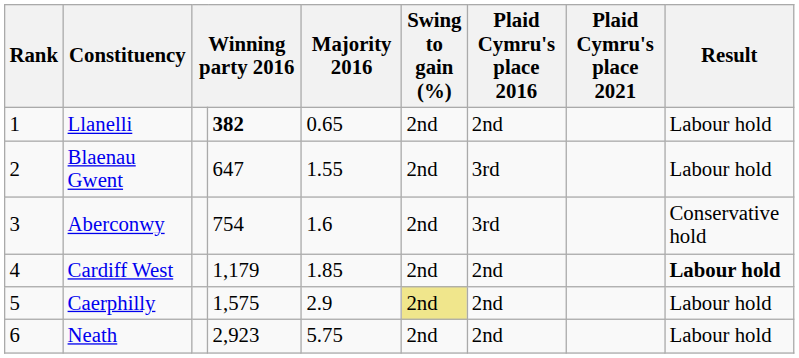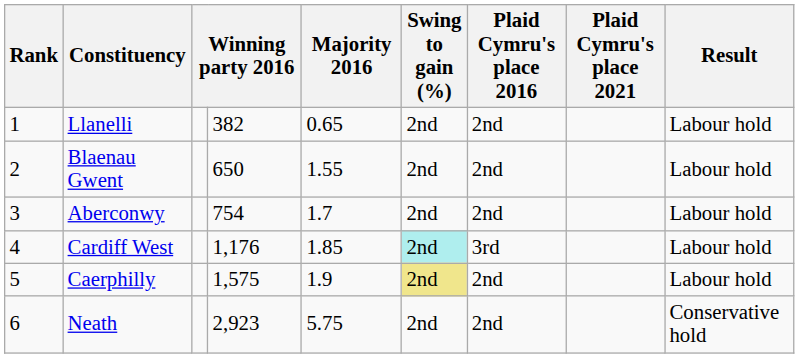 <table class="wikitable">
 <tr>
 <th>Rank</th>
 <th>Constituency</th>
 <th colspan=2>Winning party 2016</th>
 <th>Majority 2016</th>
 <th>Swing<br>to gain<br>(%)</th>
 <th>Plaid Cymru's<br>place<br>2016</th>
 <th>Plaid Cymru's<br>place<br>2021</th>
 <th colspan=2>Result</th>
 </tr>
 <tr>
 <td>1</td>
 <td><a href='#'>Llanelli</a></td>
 <td></td>
-<td><strong>382</strong></td>
+<td>382</td>
 <td>0.65</td>
 <td>2nd</td>
 <td>2nd</td>
 <td style="background-color: "></td>
 <td>Labour hold</td>
 </tr>
 <tr>
 <td>2</td>
 <td><a href='#'>Blaenau Gwent</a></td>
 <td></td>
-<td>647</td>
+<td>650</td>
 <td>1.55</td>
 <td>2nd</td>
-<td>3rd</td>
+<td>2nd</td>
 <td style="background-color: "></td>
 <td>Labour hold</td>
 </tr>
 <tr>
 <td>3</td>
 <td><a href='#'>Aberconwy</a></td>
 <td></td>
 <td>754</td>
-<td>1.6</td>
+<td>1.7</td>
 <td>2nd</td>
-<td>3rd</td>
+<td>2nd</td>
 <td style="background-color: "></td>
-<td>Conservative hold</td>
+<td>Labour hold</td>
 </tr>
 <tr>
 <td>4</td>
 <td><a href='#'>Cardiff West</a></td>
 <td></td>
-<td>1,179</td>
+<td>1,176</td>
 <td>1.85</td>
-<td>2nd</td>
-<td>2nd</td>
+<td style="background: paleturquoise;">2nd</td>
+<td>3rd</td>
 <td style="background-color: "></td>
-<td><strong>Labour hold</strong></td>
+<td>Labour hold</td>
 </tr>
 <tr>
 <td>5</td>
 <td><a href='#'>Caerphilly</a></td>
 <td></td>
 <td>1,575</td>
-<td>2.9</td>
+<td>1.9</td>
 <td style="background: khaki;">2nd</td>
 <td>2nd</td>
 <td style="background-color: "></td>
 <td>Labour hold</td>
 </tr>
 <tr>
 <td>6</td>
 <td><a href='#'>Neath</a></td>
 <td></td>
 <td>2,923</td>
 <td>5.75</td>
 <td>2nd</td>
 <td>2nd</td>
 <td style="background-color: "></td>
-<td>Labour hold</td>
+<td>Conservative hold</td>
 </tr>
 </table>
